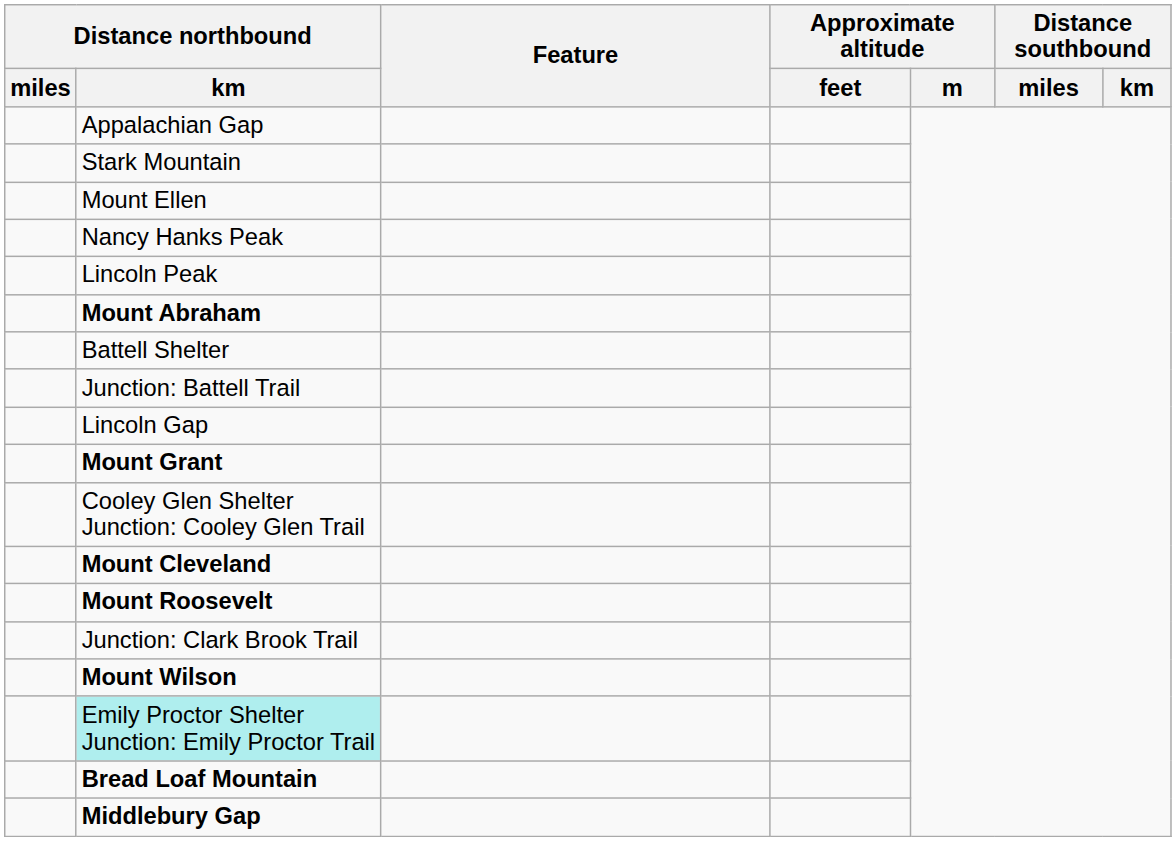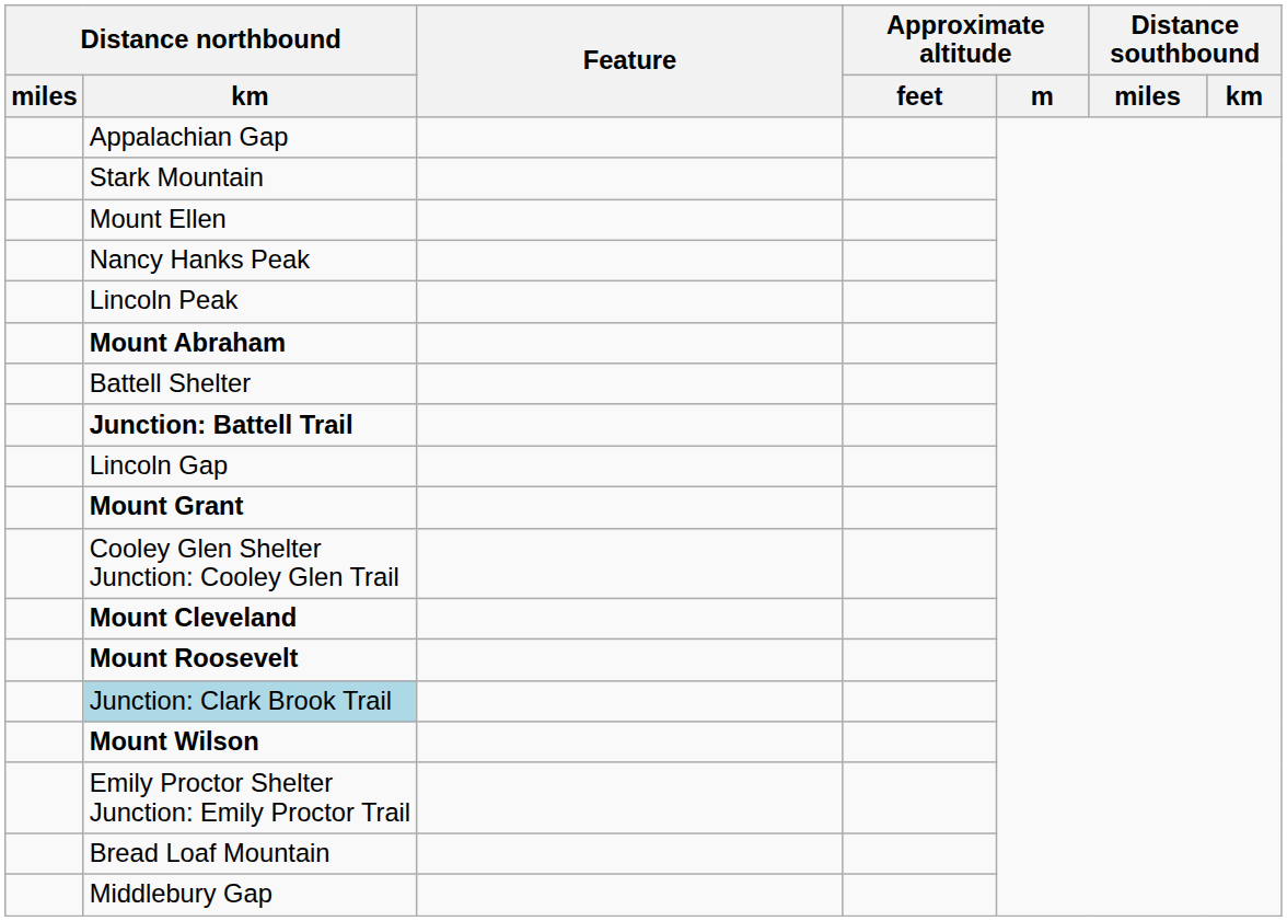 <table class="wikitable">
 <tr>
 <th scope="col" style="width: 7em;" colspan=2>Distance northbound</th>
 <th scope="col" style="width: 16em;" rowspan=2>Feature</th>
 <th scope="col" style="width: 9em;" colspan=2>Approximate altitude</th>
 <th scope="col" style="width: 7em;" colspan=2>Distance southbound</th>
 </tr>
 <tr>
 <th>miles</th>
 <th>km</th>
 <th>feet</th>
 <th>m</th>
 <th>miles</th>
 <th>km</th>
 </tr>
 <tr>
 <td></td>
 <td scope="row">Appalachian Gap</td>
 <td></td>
 <td></td>
 </tr>
 <tr>
 <td></td>
 <td scope="row">Stark Mountain</td>
 <td></td>
 <td></td>
 </tr>
 <tr>
 <td></td>
 <td scope="row">Mount Ellen</td>
 <td></td>
 <td></td>
 </tr>
 <tr>
 <td></td>
 <td scope="row">Nancy Hanks Peak</td>
 <td></td>
 <td></td>
 </tr>
 <tr>
 <td></td>
 <td scope="row">Lincoln Peak</td>
 <td></td>
 <td></td>
 </tr>
 <tr>
 <td></td>
 <td scope="row"><strong>Mount Abraham</strong></td>
 <td></td>
 <td></td>
 </tr>
 <tr>
 <td></td>
 <td scope="row">Battell Shelter</td>
 <td></td>
 <td></td>
 </tr>
 <tr>
 <td></td>
-<td scope="row">Junction: Battell Trail</td>
+<td scope="row"><strong>Junction: Battell Trail</strong></td>
 <td></td>
 <td></td>
 </tr>
 <tr>
 <td></td>
 <td scope="row">Lincoln Gap</td>
 <td></td>
 <td></td>
 </tr>
 <tr>
 <td></td>
 <td scope="row"><strong>Mount Grant</strong></td>
 <td></td>
 <td></td>
 </tr>
 <tr>
 <td></td>
 <td scope="row">Cooley Glen Shelter<br>Junction: Cooley Glen Trail</td>
 <td></td>
 <td></td>
 </tr>
 <tr>
 <td></td>
 <td scope="row"><strong>Mount Cleveland</strong></td>
 <td></td>
 <td></td>
 </tr>
 <tr>
 <td></td>
 <td scope="row"><strong>Mount Roosevelt</strong></td>
 <td></td>
 <td></td>
 </tr>
 <tr>
 <td></td>
-<td scope="row">Junction: Clark Brook Trail</td>
+<td scope="row" style="background: lightblue;">Junction: Clark Brook Trail</td>
 <td></td>
 <td></td>
 </tr>
 <tr>
 <td></td>
 <td scope="row"><strong>Mount Wilson</strong></td>
 <td></td>
 <td></td>
 </tr>
 <tr>
 <td></td>
-<td scope="row" style="background: paleturquoise;">Emily Proctor Shelter<br>Junction: Emily Proctor Trail</td>
+<td scope="row">Emily Proctor Shelter<br>Junction: Emily Proctor Trail</td>
 <td></td>
 <td></td>
 </tr>
 <tr>
 <td></td>
-<td scope="row"><strong>Bread Loaf Mountain</strong></td>
+<td scope="row">Bread Loaf Mountain</td>
 <td></td>
 <td></td>
 </tr>
 <tr>
 <td></td>
-<td scope="row"><strong>Middlebury Gap</strong></td>
+<td scope="row">Middlebury Gap</td>
 <td></td>
 <td></td>
 </tr>
 </table>
